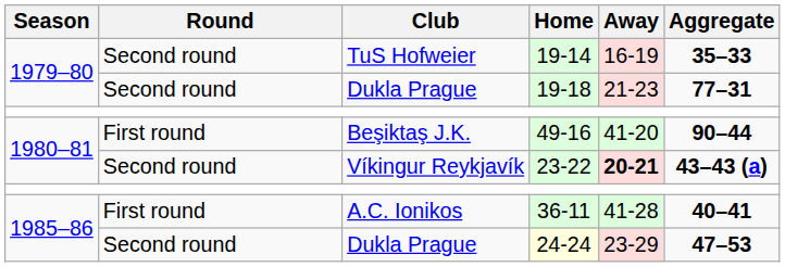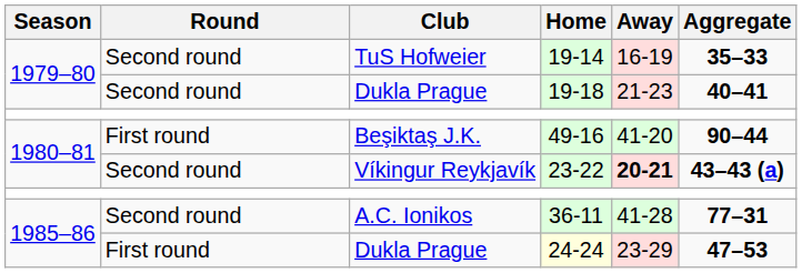 <table class="wikitable">
 <tr>
 <th>Season</th>
 <th width=175>Round</th>
 <th>Club</th>
 <th>Home</th>
 <th>Away</th>
 <th>Aggregate</th>
 </tr>
 <tr>
 <td rowspan=2><a href='#'>1979–80</a></td>
 <td>Second round</td>
 <td> <a href='#'>TuS Hofweier</a></td>
 <td style="text-align:center; background:#dfd;">19-14</td>
 <td style="text-align:center; background:#fdd;">16-19</td>
 <td style="text-align:center;"><strong>35–33</strong></td>
 </tr>
 <tr>
 <td>Second round</td>
 <td> <a href='#'>Dukla Prague</a></td>
 <td style="text-align:center; background:#dfd;">19-18</td>
 <td style="text-align:center; background:#fdd;">21-23</td>
-<td style="text-align:center;"><strong>77–31</strong></td>
+<td style="text-align:center;"><strong>40–41</strong></td>
 </tr>
 <tr>
 <td colspan=7 style="text-align: center;" bgcolor=white></td>
 </tr>
 <tr>
 <td rowspan=2><a href='#'>1980–81</a></td>
 <td>First round</td>
 <td> <a href='#'>Beşiktaş J.K.</a></td>
 <td style="text-align:center; background:#dfd;">49-16</td>
 <td style="text-align:center; background:#dfd;">41-20</td>
 <td style="text-align:center;"><strong>90–44</strong></td>
 </tr>
 <tr>
 <td>Second round</td>
 <td> <a href='#'>Víkingur Reykjavík</a></td>
 <td style="text-align:center; background:#dfd;">23-22</td>
 <td style="text-align:center; background:#fdd;"><strong>20-21</strong></td>
 <td style="text-align:center;"><strong>43–43 (<a href='#'>a</a>)</strong></td>
 </tr>
 <tr>
 <td colspan=7 style="text-align: center;" bgcolor=white></td>
 </tr>
 <tr>
 <td rowspan=2><a href='#'>1985–86</a></td>
-<td>First round</td>
+<td>Second round</td>
 <td> <a href='#'>A.C. Ionikos</a></td>
 <td style="text-align:center; background:#dfd;">36-11</td>
 <td style="text-align:center; background:#dfd;">41-28</td>
-<td style="text-align:center;"><strong>40–41</strong></td>
+<td style="text-align:center;"><strong>77–31</strong></td>
 </tr>
 <tr>
-<td>Second round</td>
+<td>First round</td>
 <td> <a href='#'>Dukla Prague</a></td>
 <td style="text-align:center; background:#ffd;">24-24</td>
 <td style="text-align:center; background:#fdd;">23-29</td>
 <td style="text-align:center;"><strong>47–53</strong></td>
 </tr>
 </table>
